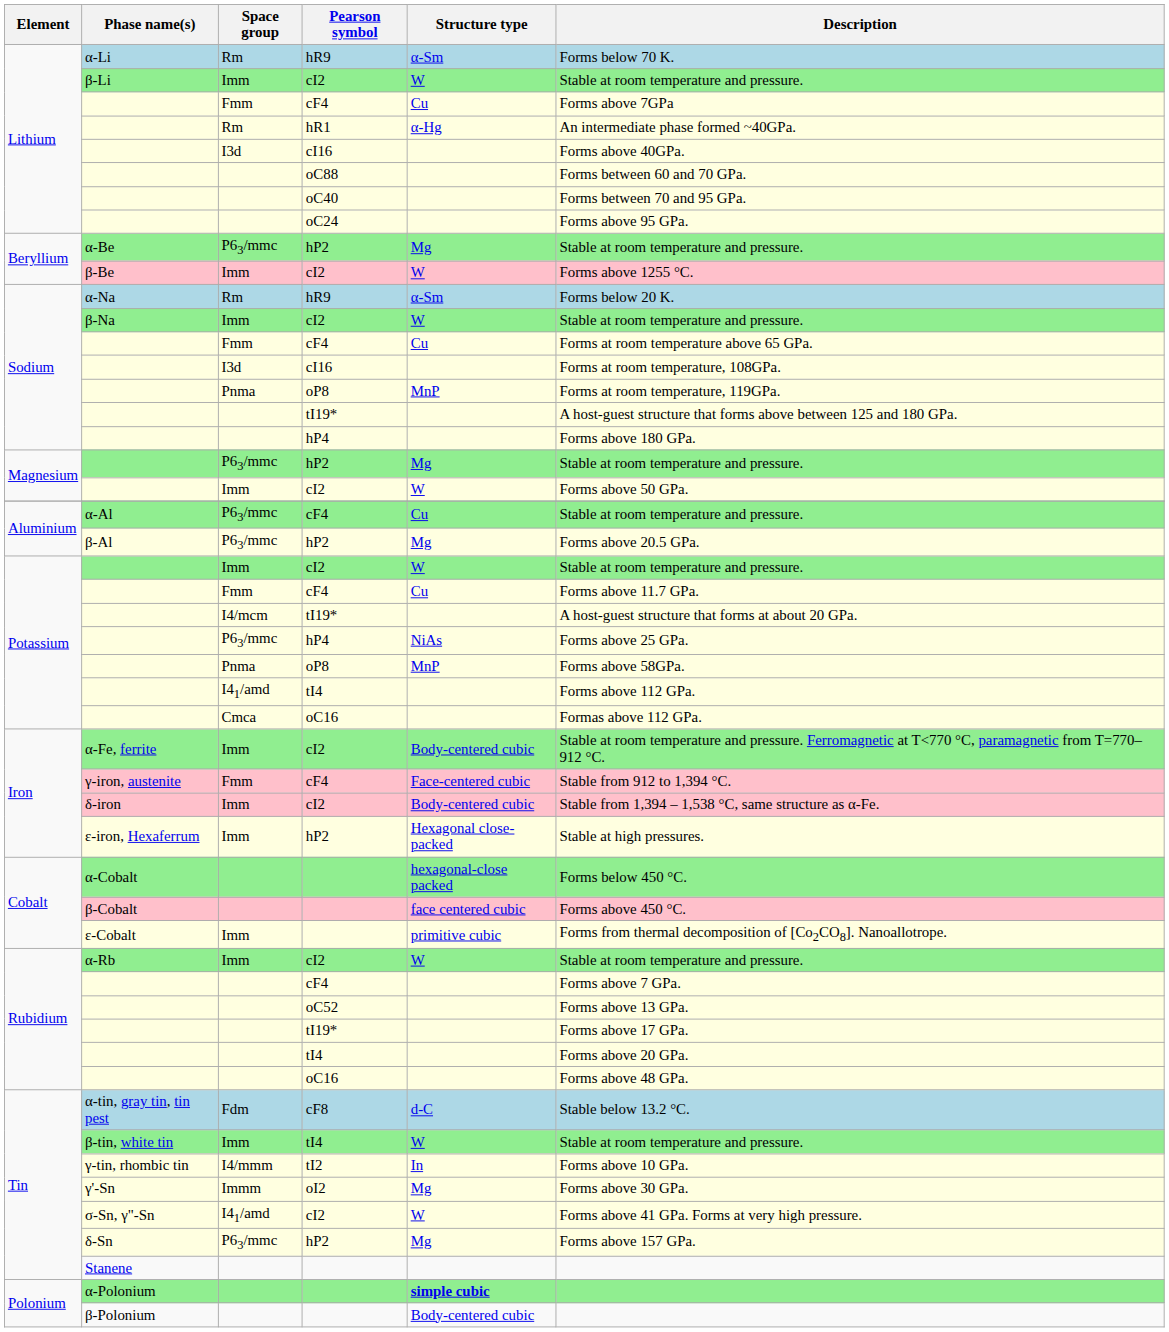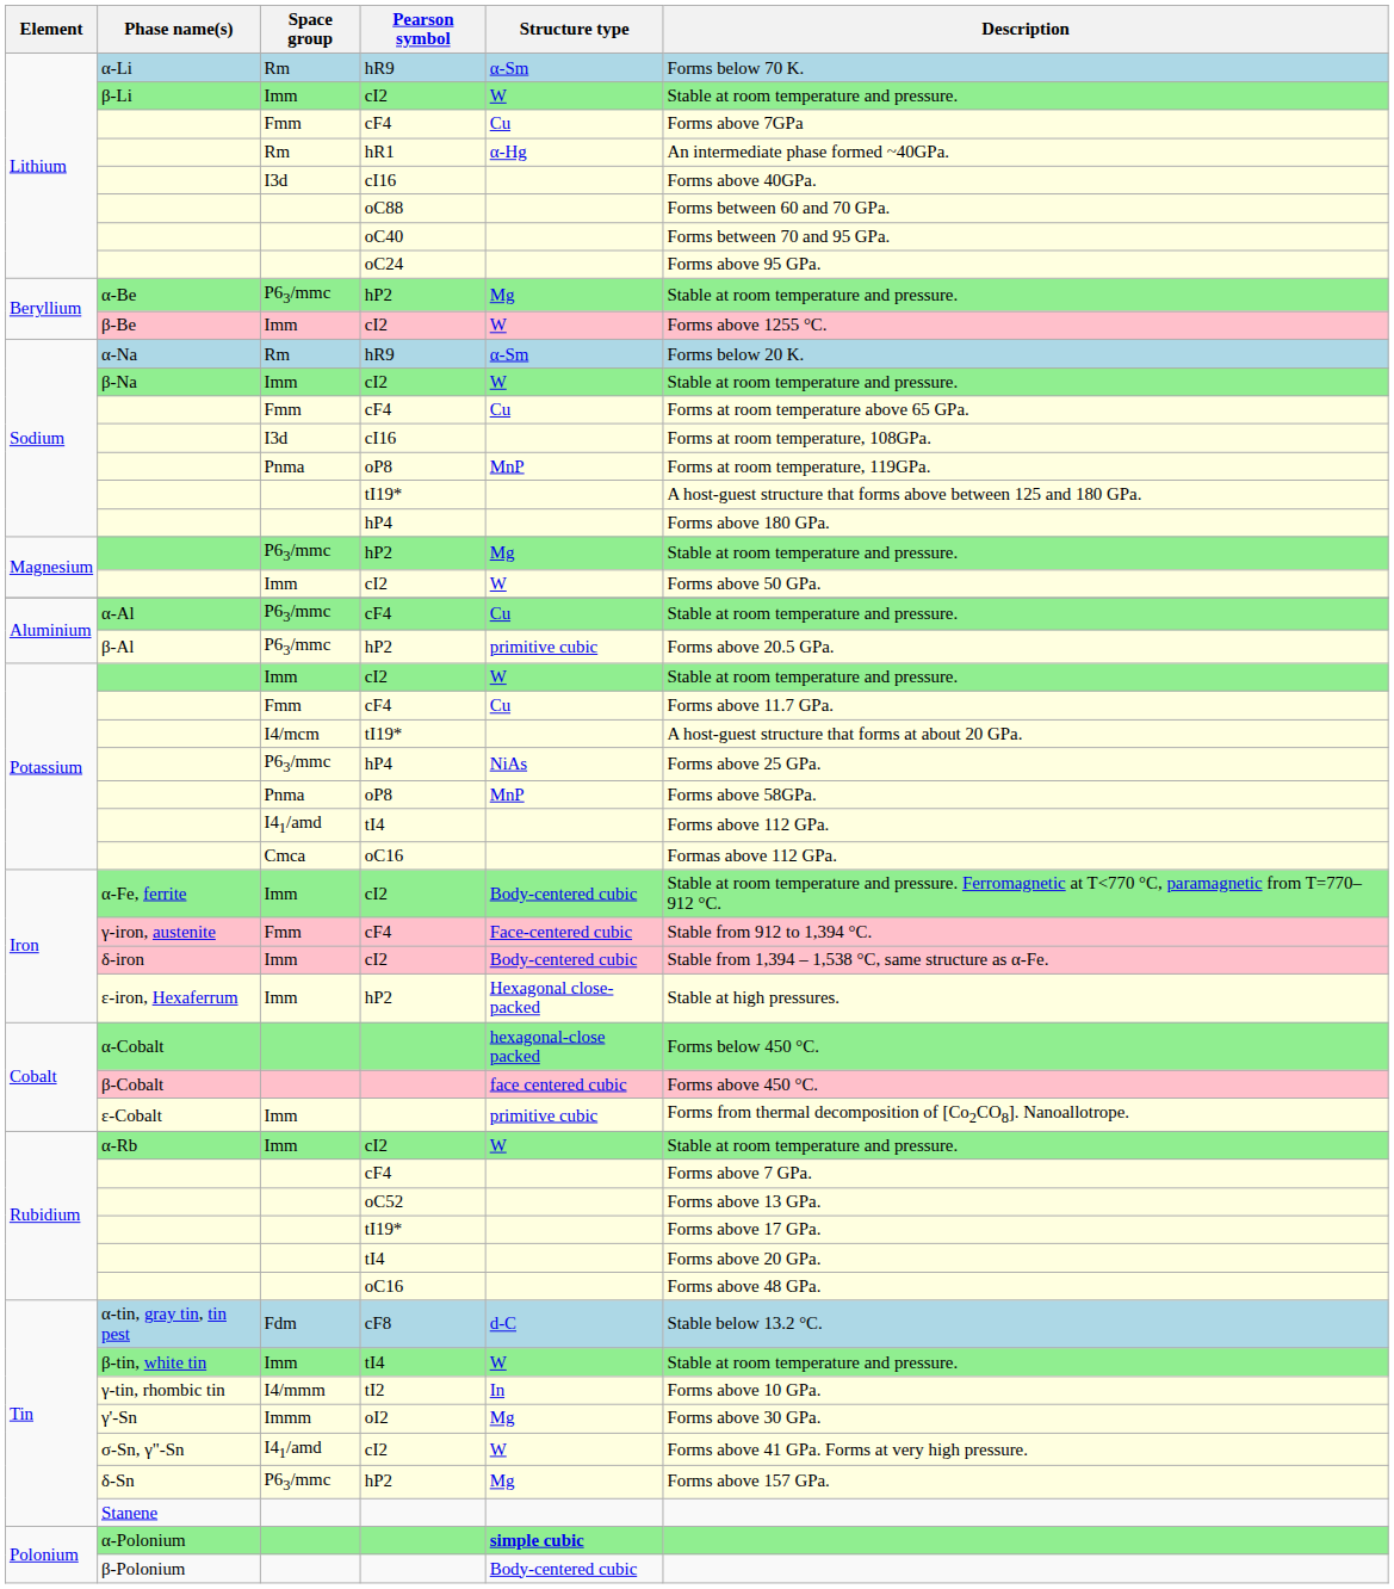 <table class="wikitable">
 <tr>
 <th>Element</th>
 <th>Phase name(s)</th>
 <th>Space group</th>
 <th><a href='#'>Pearson symbol</a></th>
 <th>Structure type</th>
 <th>Description</th>
 </tr>
 <tr>
 <td rowspan="8"><a href='#'>Lithium</a></td>
 <td style="background:lightblue;">α-Li</td>
 <td style="background:lightblue;">Rm</td>
 <td style="background:lightblue;">hR9</td>
 <td style="background:lightblue;"><a href='#'>α-Sm</a></td>
 <td style="background:lightblue;">Forms below 70 K.</td>
 </tr>
 <tr style="background:lightgreen;">
 <td>β-Li</td>
 <td>Imm</td>
 <td>cI2</td>
 <td><a href='#'>W</a></td>
 <td>Stable at room temperature and pressure.</td>
 </tr>
 <tr style="background:lightyellow;|">
 <td></td>
 <td>Fmm</td>
 <td>cF4</td>
 <td><a href='#'>Cu</a></td>
 <td>Forms above 7GPa</td>
 </tr>
 <tr style="background:lightyellow;|">
 <td></td>
 <td>Rm</td>
 <td>hR1</td>
 <td><a href='#'>α-Hg</a></td>
 <td>An intermediate phase formed ~40GPa.</td>
 </tr>
 <tr style="background:lightyellow;|">
 <td></td>
 <td>I3d</td>
 <td>cI16</td>
 <td></td>
 <td>Forms above 40GPa.</td>
 </tr>
 <tr style="background:lightyellow;|">
 <td></td>
 <td></td>
 <td>oC88</td>
 <td></td>
 <td>Forms between 60 and 70 GPa.</td>
 </tr>
 <tr style="background:lightyellow;|">
 <td></td>
 <td></td>
 <td>oC40</td>
 <td></td>
 <td>Forms between 70 and 95 GPa.</td>
 </tr>
 <tr style="background:lightyellow;|">
 <td></td>
 <td></td>
 <td>oC24</td>
 <td></td>
 <td>Forms above 95 GPa.</td>
 </tr>
 <tr>
 <td rowspan="2"><a href='#'>Beryllium</a></td>
 <td style="background:lightgreen;">α-Be</td>
 <td style="background:lightgreen;">P6<sub>3</sub>/mmc</td>
 <td style="background:lightgreen;">hP2</td>
 <td style="background:lightgreen;"><a href='#'>Mg</a></td>
 <td style="background:lightgreen;">Stable at room temperature and pressure.</td>
 </tr>
 <tr style="background:pink;|">
 <td>β-Be</td>
 <td>Imm</td>
 <td>cI2</td>
 <td><a href='#'>W</a></td>
 <td>Forms above 1255 °C.</td>
 </tr>
 <tr>
 <td rowspan="7"><a href='#'>Sodium</a></td>
 <td style="background:lightblue;">α-Na</td>
 <td style="background:lightblue;">Rm</td>
 <td style="background:lightblue;">hR9</td>
 <td style="background:lightblue;"><a href='#'>α-Sm</a></td>
 <td style="background:lightblue;">Forms below 20 K.</td>
 </tr>
 <tr style="background:lightgreen;|">
 <td>β-Na</td>
 <td>Imm</td>
 <td>cI2</td>
 <td><a href='#'>W</a></td>
 <td>Stable at room temperature and pressure.</td>
 </tr>
 <tr style="background:lightyellow;|">
 <td></td>
 <td>Fmm</td>
 <td>cF4</td>
 <td><a href='#'>Cu</a></td>
 <td>Forms at room temperature above 65 GPa.</td>
 </tr>
 <tr style="background:lightyellow;|">
 <td></td>
 <td>I3d</td>
 <td>cI16</td>
 <td></td>
 <td>Forms at room temperature, 108GPa.</td>
 </tr>
 <tr style="background:lightyellow;|">
 <td></td>
 <td>Pnma</td>
 <td>oP8</td>
 <td><a href='#'>MnP</a></td>
 <td>Forms at room temperature, 119GPa.</td>
 </tr>
 <tr style="background:lightyellow;|">
 <td></td>
 <td></td>
 <td>tI19*</td>
 <td></td>
 <td>A host-guest structure that forms above between 125 and 180 GPa.</td>
 </tr>
 <tr style="background:lightyellow;|">
 <td></td>
 <td></td>
 <td>hP4</td>
 <td></td>
 <td>Forms above 180 GPa.</td>
 </tr>
 <tr>
 <td rowspan="2"><a href='#'>Magnesium</a></td>
 <td style="background:lightgreen;"></td>
 <td style="background:lightgreen;">P6<sub>3</sub>/mmc</td>
 <td style="background:lightgreen;">hP2</td>
 <td style="background:lightgreen;"><a href='#'>Mg</a></td>
 <td style="background:lightgreen;">Stable at room temperature and pressure.</td>
 </tr>
 <tr style="background:lightyellow;|">
 <td></td>
 <td>Imm</td>
 <td>cI2</td>
 <td><a href='#'>W</a></td>
 <td>Forms above 50 GPa.</td>
 </tr>
 <tr>
 </tr>
 <tr>
 <td rowspan="2"><a href='#'>Aluminium</a></td>
 <td style="background:lightgreen;">α-Al</td>
 <td style="background:lightgreen;">P6<sub>3</sub>/mmc</td>
 <td style="background:lightgreen;">cF4</td>
 <td style="background:lightgreen;"><a href='#'>Cu</a></td>
 <td style="background:lightgreen;">Stable at room temperature and pressure.</td>
 </tr>
 <tr style="background:lightyellow;|">
 <td>β-Al</td>
 <td>P6<sub>3</sub>/mmc</td>
 <td>hP2</td>
-<td><a href='#'>Mg</a></td>
+<td><a href='#'>primitive cubic</a></td>
 <td>Forms above 20.5 GPa.</td>
 </tr>
 <tr>
 <td rowspan="7"><a href='#'>Potassium</a></td>
 <td style="background:lightgreen;"></td>
 <td style="background:lightgreen;">Imm</td>
 <td style="background:lightgreen;">cI2</td>
 <td style="background:lightgreen;"><a href='#'>W</a></td>
 <td style="background:lightgreen;">Stable at room temperature and pressure.</td>
 </tr>
 <tr style="background:lightyellow;|">
 <td></td>
 <td>Fmm</td>
 <td>cF4</td>
 <td><a href='#'>Cu</a></td>
 <td>Forms above 11.7 GPa.</td>
 </tr>
 <tr style="background:lightyellow;|">
 <td></td>
 <td>I4/mcm</td>
 <td>tI19*</td>
 <td></td>
 <td>A host-guest structure that forms at about 20 GPa.</td>
 </tr>
 <tr style="background:lightyellow;|">
 <td></td>
 <td>P6<sub>3</sub>/mmc</td>
 <td>hP4</td>
 <td><a href='#'>NiAs</a></td>
 <td>Forms above 25 GPa.</td>
 </tr>
 <tr style="background:lightyellow;|">
 <td></td>
 <td>Pnma</td>
 <td>oP8</td>
 <td><a href='#'>MnP</a></td>
 <td>Forms above 58GPa.</td>
 </tr>
 <tr style="background:lightyellow;|">
 <td></td>
 <td>I4<sub>1</sub>/amd</td>
 <td>tI4</td>
 <td></td>
 <td>Forms above 112 GPa.</td>
 </tr>
 <tr style="background:lightyellow;|">
 <td></td>
 <td>Cmca</td>
 <td>oC16</td>
 <td></td>
 <td>Formas above 112 GPa.</td>
 </tr>
 <tr>
 <td rowspan="4"><a href='#'>Iron</a></td>
 <td style="background:lightgreen;">α-Fe, <a href='#'>ferrite</a></td>
 <td style="background:lightgreen;">Imm</td>
 <td style="background:lightgreen;">cI2</td>
 <td style="background:lightgreen;"><a href='#'>Body-centered cubic</a></td>
 <td style="background:lightgreen;">Stable at room temperature and pressure. <a href='#'>Ferromagnetic</a> at T<770 °C, <a href='#'>paramagnetic</a> from T=770–912 °C.</td>
 </tr>
 <tr style="background:pink;|">
 <td>γ-iron, <a href='#'>austenite</a></td>
 <td>Fmm</td>
 <td>cF4</td>
 <td><a href='#'>Face-centered cubic</a></td>
 <td>Stable from 912 to 1,394 °C.</td>
 </tr>
 <tr style="background:pink;|">
 <td>δ-iron</td>
 <td>Imm</td>
 <td>cI2</td>
 <td><a href='#'>Body-centered cubic</a></td>
 <td>Stable from 1,394 – 1,538 °C, same structure as α-Fe.</td>
 </tr>
 <tr style="background:lightyellow;|">
 <td>ε-iron, <a href='#'>Hexaferrum</a></td>
 <td>Imm</td>
 <td>hP2</td>
 <td><a href='#'>Hexagonal close-packed</a></td>
 <td>Stable at high pressures.</td>
 </tr>
 <tr>
 <td rowspan="3"><a href='#'>Cobalt</a></td>
 <td style="background:lightgreen;">α-Cobalt</td>
 <td style="background:lightgreen;"></td>
 <td style="background:lightgreen;"></td>
 <td style="background:lightgreen;"><a href='#'>hexagonal-close packed</a></td>
 <td style="background:lightgreen;">Forms below 450 °C.</td>
 </tr>
 <tr style="background:pink;|">
 <td>β-Cobalt</td>
 <td></td>
 <td></td>
 <td><a href='#'>face centered cubic</a></td>
 <td>Forms above 450 °C.</td>
 </tr>
 <tr style="background:lightyellow;|">
 <td>ε-Cobalt</td>
 <td>Imm</td>
 <td></td>
 <td><a href='#'>primitive cubic</a></td>
 <td>Forms from thermal decomposition of [Co<sub>2</sub>CO<sub>8</sub>]. Nanoallotrope.</td>
 </tr>
 <tr>
 <td rowspan="6"><a href='#'>Rubidium</a></td>
 <td style="background:lightgreen;">α-Rb</td>
 <td style="background:lightgreen;">Imm</td>
 <td style="background:lightgreen;">cI2</td>
 <td style="background:lightgreen;"><a href='#'>W</a></td>
 <td style="background:lightgreen;">Stable at room temperature and pressure.</td>
 </tr>
 <tr style="background:lightyellow;|">
 <td></td>
 <td></td>
 <td>cF4</td>
 <td></td>
 <td>Forms above 7 GPa.</td>
 </tr>
 <tr style="background:lightyellow;|">
 <td></td>
 <td></td>
 <td>oC52</td>
 <td></td>
 <td>Forms above 13 GPa.</td>
 </tr>
 <tr style="background:lightyellow;|">
 <td></td>
 <td></td>
 <td>tI19*</td>
 <td></td>
 <td>Forms above 17 GPa.</td>
 </tr>
 <tr style="background:lightyellow;|">
 <td></td>
 <td></td>
 <td>tI4</td>
 <td></td>
 <td>Forms above 20 GPa.</td>
 </tr>
 <tr style="background:lightyellow;|">
 <td></td>
 <td></td>
 <td>oC16</td>
 <td></td>
 <td>Forms above 48 GPa.</td>
 </tr>
 <tr>
 <td rowspan="7"><a href='#'>Tin</a></td>
 <td style="background:lightblue;">α-tin, <a href='#'>gray tin</a>, <a href='#'>tin pest</a></td>
 <td style="background:lightblue;">Fdm</td>
 <td style="background:lightblue;">cF8</td>
 <td style="background:lightblue;"><a href='#'>d-C</a></td>
 <td style="background:lightblue;">Stable below 13.2 °C.</td>
 </tr>
 <tr style="background:lightgreen;|">
 <td>β-tin, <a href='#'>white tin</a></td>
 <td>Imm</td>
 <td>tI4</td>
 <td><a href='#'>W</a></td>
 <td>Stable at room temperature and pressure.</td>
 </tr>
 <tr style="background:lightyellow;|">
 <td>γ-tin, rhombic tin</td>
 <td>I4/mmm</td>
 <td>tI2</td>
 <td><a href='#'>In</a></td>
 <td>Forms above 10 GPa.</td>
 </tr>
 <tr style="background:lightyellow;|">
 <td>γ'-Sn</td>
 <td>Immm</td>
 <td>oI2</td>
 <td><a href='#'>Mg</a></td>
 <td>Forms above 30 GPa.</td>
 </tr>
 <tr style="background:lightyellow;|">
 <td>σ-Sn, γ"-Sn</td>
 <td>I4<sub>1</sub>/amd</td>
 <td>cI2</td>
 <td><a href='#'>W</a></td>
 <td>Forms above 41 GPa. Forms at very high pressure.</td>
 </tr>
 <tr style="background:lightyellow;|">
 <td>δ-Sn</td>
 <td>P6<sub>3</sub>/mmc</td>
 <td>hP2</td>
 <td><a href='#'>Mg</a></td>
 <td>Forms above 157 GPa.</td>
 </tr>
 <tr>
 <td><a href='#'>Stanene</a></td>
 <td></td>
 <td></td>
 <td></td>
 </tr>
 <tr>
 <td rowspan="2"><a href='#'>Polonium</a></td>
 <td style="background:lightgreen;">α-Polonium</td>
 <td style="background:lightgreen;"></td>
 <td style="background:lightgreen;"></td>
 <td style="background:lightgreen;"><strong><a href='#'>simple cubic</a></strong></td>
 <td style="background:lightgreen;"></td>
 </tr>
 <tr>
 <td>β-Polonium</td>
 <td></td>
 <td></td>
 <td><a href='#'>Body-centered cubic</a></td>
 <td></td>
 </tr>
 </table>
